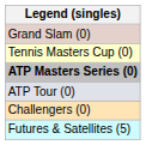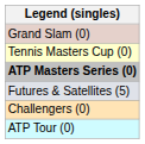 <table class="wikitable">
 <tr>
 <th>Legend (singles)</th>
 </tr>
 <tr bgcolor="#e5d1cb">
 <td>Grand Slam (0)</td>
 </tr>
 <tr bgcolor="ffffcc">
 <td>Tennis Masters Cup (0)</td>
 </tr>
 <tr bgcolor="silver">
 <td><strong>ATP Masters Series (0)</strong></td>
 </tr>
 <tr bgcolor="#dfe2e9">
-<td>ATP Tour (0)</td>
+<td>Futures & Satellites (5)</td>
 </tr>
 <tr bgcolor="moccasin">
 <td>Challengers (0)</td>
 </tr>
 <tr bgcolor="CFFCFF">
-<td>Futures & Satellites (5)</td>
+<td>ATP Tour (0)</td>
 </tr>
 </table>
